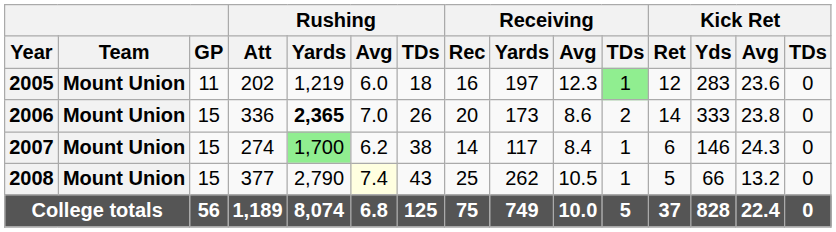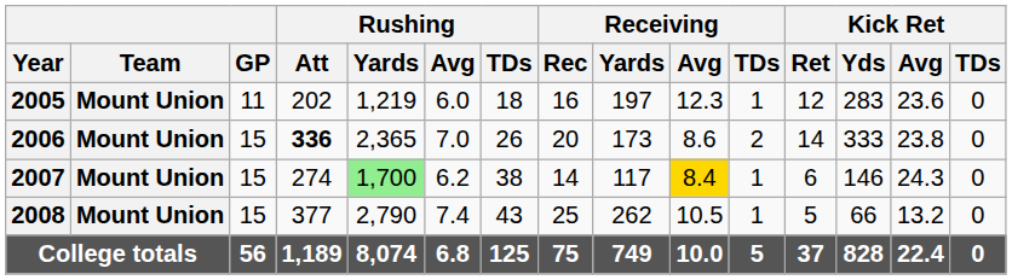 <table class="wikitable" style="text-align:center;">
 <tr>
 <th colspan=3></th>
 <th colspan=4>Rushing</th>
 <th colspan=4>Receiving</th>
 <th colspan=4>Kick Ret</th>
 </tr>
 <tr>
 <th>Year</th>
 <th>Team</th>
 <th>GP</th>
 <th>Att</th>
 <th>Yards</th>
 <th>Avg</th>
 <th>TDs</th>
 <th>Rec</th>
 <th>Yards</th>
 <th>Avg</th>
 <th>TDs</th>
 <th>Ret</th>
 <th>Yds</th>
 <th>Avg</th>
 <th>TDs</th>
 </tr>
 <tr>
 <th>2005</th>
 <th>Mount Union</th>
 <td>11</td>
 <td>202</td>
 <td>1,219</td>
 <td>6.0</td>
 <td>18</td>
 <td>16</td>
 <td>197</td>
 <td>12.3</td>
-<td style="background: lightgreen;">1</td>
+<td>1</td>
 <td>12</td>
 <td>283</td>
 <td>23.6</td>
 <td>0</td>
 </tr>
 <tr>
 <th>2006</th>
 <th>Mount Union</th>
 <td>15</td>
-<td>336</td>
-<td><strong>2,365</strong></td>
+<td><strong>336</strong></td>
+<td>2,365</td>
 <td>7.0</td>
 <td>26</td>
 <td>20</td>
 <td>173</td>
 <td>8.6</td>
 <td>2</td>
 <td>14</td>
 <td>333</td>
 <td>23.8</td>
 <td>0</td>
 </tr>
 <tr>
 <th>2007</th>
 <th>Mount Union</th>
 <td>15</td>
 <td>274</td>
 <td style="background: lightgreen;">1,700</td>
 <td>6.2</td>
 <td>38</td>
 <td>14</td>
 <td>117</td>
-<td>8.4</td>
+<td style="background: gold;">8.4</td>
 <td>1</td>
 <td>6</td>
 <td>146</td>
 <td>24.3</td>
 <td>0</td>
 </tr>
 <tr>
 <th>2008</th>
 <th>Mount Union</th>
 <td>15</td>
 <td>377</td>
 <td>2,790</td>
-<td style="background: lightyellow;">7.4</td>
+<td>7.4</td>
 <td>43</td>
 <td>25</td>
 <td>262</td>
 <td>10.5</td>
 <td>1</td>
 <td>5</td>
 <td>66</td>
 <td>13.2</td>
 <td>0</td>
 </tr>
 <tr style="background:#555; font-weight:bold; color:white;">
 <td colspan=2>College totals</td>
 <td>56</td>
 <td>1,189</td>
 <td>8,074</td>
 <td>6.8</td>
 <td>125</td>
 <td>75</td>
 <td>749</td>
 <td>10.0</td>
 <td>5</td>
 <td>37</td>
 <td>828</td>
 <td>22.4</td>
 <td>0</td>
 </tr>
 </table>
